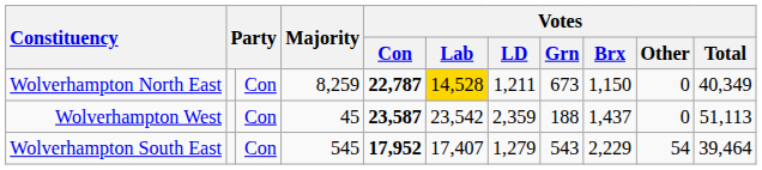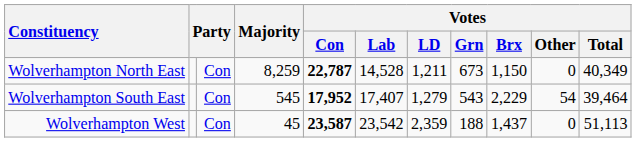 <table class="wikitable mw-collapsible mw-collapsed sortable" style="text-align:right; font-size:95%">
 <tr>
 <th rowspan=2 scope="col" style="text-align:left;"><a href='#'>Constituency</a></th>
 <th colspan="2" rowspan=2 scope="col">Party</th>
 <th rowspan=2 scope="col">Majority</th>
 <th colspan="7" scope="col">Votes</th>
 </tr>
 <tr>
 <th scope="col"><a href='#'>Con</a></th>
 <th scope="col"><a href='#'>Lab</a></th>
 <th scope="col"><a href='#'>LD</a></th>
 <th scope="col"><a href='#'>Grn</a></th>
 <th scope="col"><a href='#'>Brx</a></th>
 <th scope="col">Other</th>
 <th scope="col">Total</th>
 </tr>
 <tr>
 <td><a href='#'>Wolverhampton North East</a></td>
 <td style="background:"></td>
 <td><a href='#'>Con</a></td>
 <td>8,259</td>
 <td><strong>22,787</strong></td>
-<td style="background: gold;">14,528</td>
+<td>14,528</td>
 <td>1,211</td>
 <td>673</td>
 <td>1,150</td>
 <td>0</td>
 <td>40,349</td>
+</tr>
+<tr>
+<td><a href='#'>Wolverhampton South East</a></td>
+<td style="background:"></td>
+<td><a href='#'>Con</a></td>
+<td>545</td>
+<td><strong>17,952</strong></td>
+<td>17,407</td>
+<td>1,279</td>
+<td>543</td>
+<td>2,229</td>
+<td>54</td>
+<td>39,464</td>
 </tr>
 <tr>
 <td><a href='#'>Wolverhampton West</a></td>
 <td style="background:"></td>
 <td><a href='#'>Con</a></td>
 <td>45</td>
 <td><strong>23,587</strong></td>
 <td>23,542</td>
 <td>2,359</td>
 <td>188</td>
 <td>1,437</td>
 <td>0</td>
 <td>51,113</td>
 </tr>
-<tr>
-<td><a href='#'>Wolverhampton South East</a></td>
-<td style="background:"></td>
-<td><a href='#'>Con</a></td>
-<td>545</td>
-<td><strong>17,952</strong></td>
-<td>17,407</td>
-<td>1,279</td>
-<td>543</td>
-<td>2,229</td>
-<td>54</td>
-<td>39,464</td>
-</tr>
 </table>
